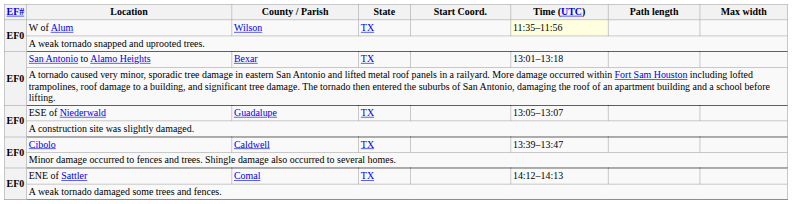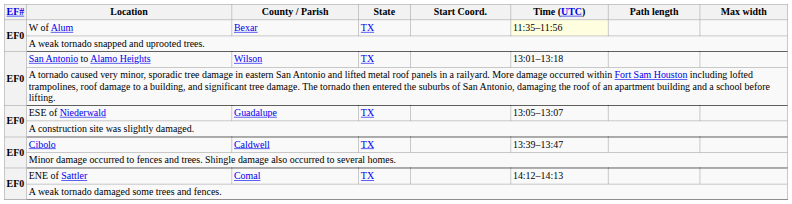 <table class="wikitable sortable" style="width:100%;">
 <tr>
 <th scope="col" width="2%" align="center"><a href='#'>EF#</a></th>
 <th scope="col" align="center" class="unsortable">Location</th>
 <th scope="col" align="center" class="unsortable">County / Parish</th>
 <th scope="col" align="center">State</th>
 <th scope="col" align="center">Start Coord.</th>
 <th scope="col" align="center">Time (<a href='#'>UTC</a>)</th>
 <th scope="col" align="center">Path length</th>
 <th scope="col" align="center">Max width</th>
 </tr>
 <tr>
 <th scope="row" rowspan="2" style="background-color:#">EF0</th>
 <td>W of <a href='#'>Alum</a></td>
-<td><a href='#'>Wilson</a></td>
+<td><a href='#'>Bexar</a></td>
 <td><a href='#'>TX</a></td>
 <td></td>
 <td style="background: lightyellow;">11:35–11:56</td>
 <td></td>
 <td></td>
 </tr>
 <tr class="expand-child">
 <td colspan="8" style=" border-bottom: 1px solid black;">A weak tornado snapped and uprooted trees.</td>
 </tr>
 <tr>
 <th scope="row" rowspan="2" style="background-color:#">EF0</th>
 <td><a href='#'>San Antonio</a> to <a href='#'>Alamo Heights</a></td>
-<td><a href='#'>Bexar</a></td>
+<td><a href='#'>Wilson</a></td>
 <td><a href='#'>TX</a></td>
 <td></td>
 <td>13:01–13:18</td>
 <td></td>
 <td></td>
 </tr>
 <tr class="expand-child">
 <td colspan="8" style=" border-bottom: 1px solid black;">A tornado caused very minor, sporadic tree damage in eastern San Antonio and lifted metal roof panels in a railyard. More damage occurred within <a href='#'>Fort Sam Houston</a> including lofted trampolines, roof damage to a building, and significant tree damage. The tornado then entered the suburbs of San Antonio, damaging the roof of an apartment building and a school before lifting.</td>
 </tr>
 <tr>
 <th scope="row" rowspan="2" style="background-color:#">EF0</th>
 <td>ESE of <a href='#'>Niederwald</a></td>
 <td><a href='#'>Guadalupe</a></td>
 <td><a href='#'>TX</a></td>
 <td></td>
 <td>13:05–13:07</td>
 <td></td>
 <td></td>
 </tr>
 <tr class="expand-child">
 <td colspan="8" style=" border-bottom: 1px solid black;">A construction site was slightly damaged.</td>
 </tr>
 <tr>
 <th scope="row" rowspan="2" style="background-color:#">EF0</th>
 <td><a href='#'>Cibolo</a></td>
 <td><a href='#'>Caldwell</a></td>
 <td><a href='#'>TX</a></td>
 <td></td>
 <td>13:39–13:47</td>
 <td></td>
 <td></td>
 </tr>
 <tr class="expand-child">
 <td colspan="8" style=" border-bottom: 1px solid black;">Minor damage occurred to fences and trees. Shingle damage also occurred to several homes.</td>
 </tr>
 <tr>
 <th scope="row" rowspan="2" style="background-color:#">EF0</th>
 <td>ENE of <a href='#'>Sattler</a></td>
 <td><a href='#'>Comal</a></td>
 <td><a href='#'>TX</a></td>
 <td></td>
 <td>14:12–14:13</td>
 <td></td>
 <td></td>
 </tr>
 <tr class="expand-child">
 <td colspan="8" style=" border-bottom: 1px solid black;">A weak tornado damaged some trees and fences.</td>
 </tr>
 <tr>
 </tr>
 </table>
